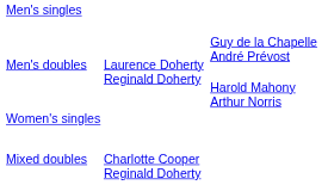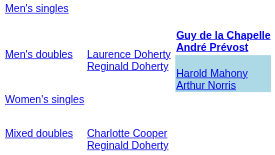 <table>
 <tr>
 <td rowspan=2><a href='#'>Men's singles</a></td>
 <td rowspan=2></td>
 <td rowspan=2></td>
 <td></td>
 </tr>
 <tr>
 <td></td>
 </tr>
 <tr>
 <td rowspan=2><a href='#'>Men's doubles</a></td>
 <td rowspan=2><br><a href='#'>Laurence Doherty</a><br><a href='#'>Reginald Doherty</a></td>
 <td rowspan=2><br> <br></td>
-<td><br><a href='#'>Guy de la Chapelle</a><br><a href='#'>André Prévost</a></td>
+<td><strong><br><a href='#'>Guy de la Chapelle</a><br><a href='#'>André Prévost</a></strong></td>
 </tr>
 <tr>
-<td><br><a href='#'>Harold Mahony</a><br><a href='#'>Arthur Norris</a></td>
+<td style="background: lightblue;"><br><a href='#'>Harold Mahony</a><br><a href='#'>Arthur Norris</a></td>
 </tr>
 <tr>
 <td rowspan=2><a href='#'>Women's singles</a></td>
 <td rowspan=2></td>
 <td rowspan=2></td>
 <td></td>
 </tr>
 <tr>
 <td></td>
 </tr>
 <tr>
 <td rowspan=2><a href='#'>Mixed doubles</a></td>
 <td rowspan=2><br><a href='#'>Charlotte Cooper</a> <br><a href='#'>Reginald Doherty</a></td>
 <td rowspan=2><br><br></td>
 <td><br><br></td>
 </tr>
 <tr>
 <td><br><br></td>
 </tr>
 </table>
